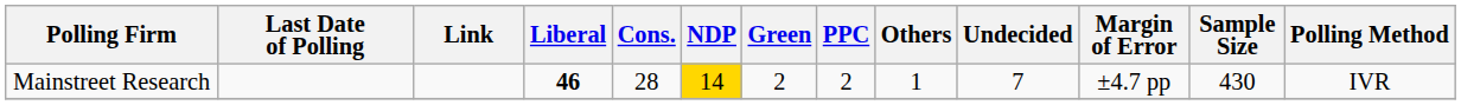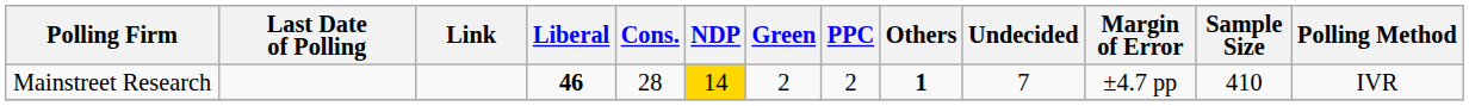 <table class="wikitable sortable" style="text-align:center;font-size:90%;line-height:14px;">
 <tr style="background:#e9e9e9;">
 <th style="width:120px">Polling Firm</th>
 <th style="width:110px">Last Date<br>of Polling</th>
 <th style="width:60px" class="unsortable">Link</th>
 <th style="background-color:"><a href='#'>Liberal</a></th>
 <th style="background-color:"><a href='#'>Cons.</a></th>
 <th style="background-color:"><a href='#'>NDP</a></th>
 <th style="background-color:"><a href='#'>Green</a></th>
 <th style="background-color:"><a href='#'><span>PPC</span></a></th>
 <th style="background-color:">Others</th>
 <th style="background-color:">Undecided</th>
 <th style="width:60px;" class=unsortable>Margin<br>of Error</th>
 <th style="width:50px;" class=unsortable>Sample<br>Size</th>
 <th class=unsortable>Polling Method</th>
 </tr>
 <tr>
 <td>Mainstreet Research</td>
 <td></td>
 <td></td>
 <td><strong>46</strong></td>
 <td>28</td>
 <td style="background: gold;">14</td>
 <td>2</td>
 <td>2</td>
-<td>1</td>
+<td><strong>1</strong></td>
 <td>7</td>
 <td>±4.7 pp</td>
-<td>430</td>
+<td>410</td>
 <td>IVR</td>
 </tr>
 <tr>
 </tr>
 </table>
